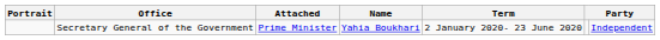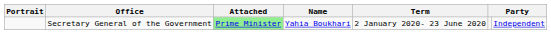 <table class="wikitable" style="text-align:center">
 <tr>
 <th>Portrait</th>
 <th>Office</th>
 <th>Attached</th>
 <th>Name</th>
 <th>Term</th>
 <th colspan="2">Party</th>
 </tr>
 <tr>
 <td></td>
 <td>Secretary General of the Government</td>
-<td><a href='#'>Prime Minister</a></td>
+<td style="background: lightgreen;"><a href='#'>Prime Minister</a></td>
 <td><a href='#'>Yahia Boukhari</a></td>
 <td>2 January 2020- 23 June 2020</td>
 <td></td>
 <td><a href='#'>Independent</a></td>
 </tr>
 </table>
